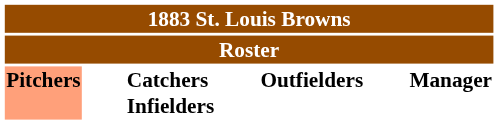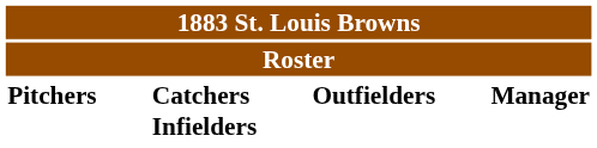 <table class="toccolours" style="font-size: 95%;">
 <tr>
 <th colspan="10" style="background-color: #964B00; color: white; text-align: center;">1883 St. Louis Browns</th>
 </tr>
 <tr>
 <td colspan="10" style="background-color: #964B00; color: white; text-align: center;"><strong>Roster</strong></td>
 </tr>
 <tr>
-<td valign="top" style="background: lightsalmon;"><strong>Pitchers</strong><br>  </td>
+<td valign="top"><strong>Pitchers</strong><br>  </td>
 <td width="25px"></td>
 <td valign="top"><strong>Catchers</strong><br>   <strong>Infielders</strong>     </td>
 <td width="25px"></td>
 <td valign="top"><strong>Outfielders</strong><br>         </td>
 <td width="25px"></td>
 <td valign="top"><strong>Manager</strong><br> </td>
 </tr>
 </table>
